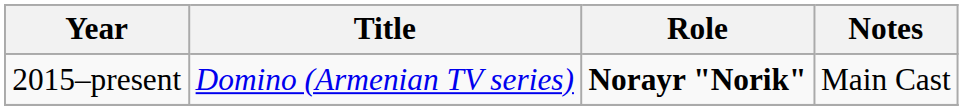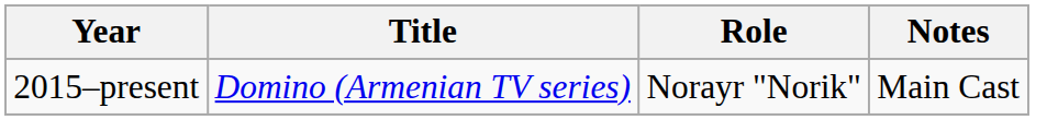 <table class="wikitable sortable plainrowheaders">
 <tr>
 <th>Year</th>
 <th>Title</th>
 <th>Role</th>
 <th class="unsortable">Notes</th>
 </tr>
 <tr>
 <td>2015–present</td>
 <td><em><a href='#'>Domino (Armenian TV series)</a></em></td>
-<td><strong>Norayr "Norik"</strong></td>
+<td>Norayr "Norik"</td>
 <td>Main Cast</td>
 </tr>
 <tr>
 </tr>
 </table>
